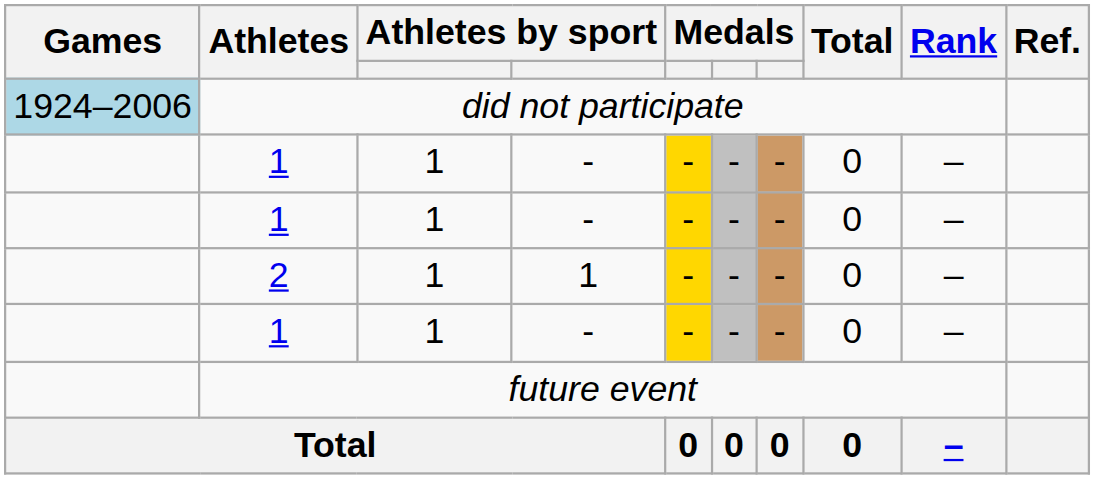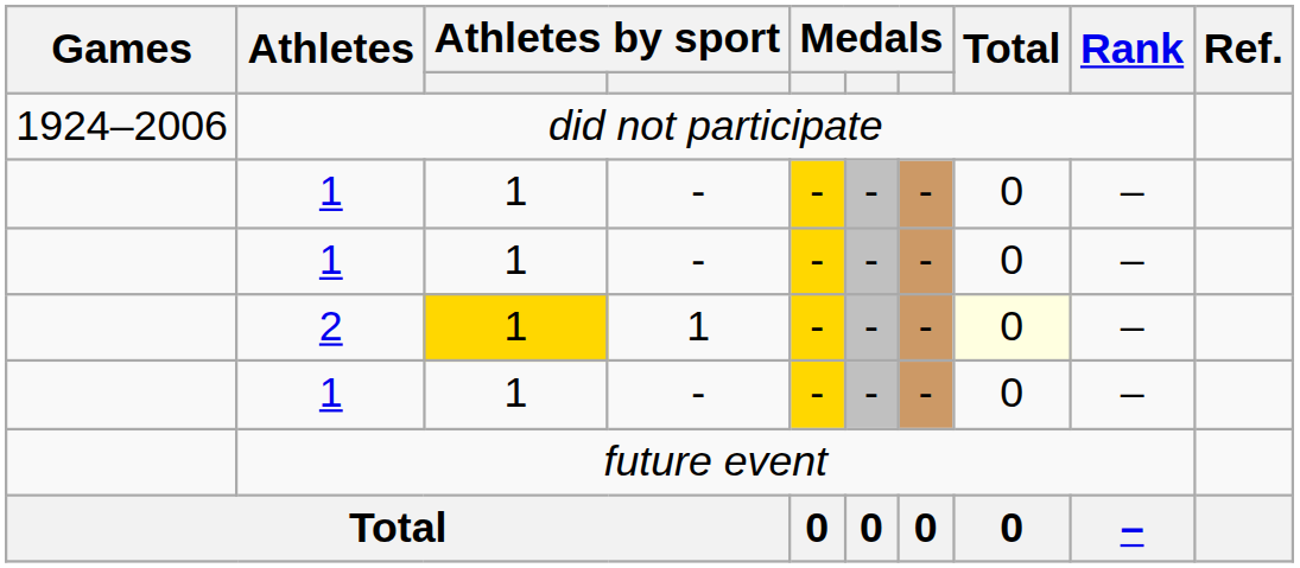 <table class=wikitable>
 <tr>
 <th rowspan=2>Games</th>
 <th rowspan=2>Athletes</th>
 <th colspan=2>Athletes by sport</th>
 <th colspan=3>Medals</th>
 <th rowspan=2>Total</th>
 <th rowspan=2><a href='#'>Rank</a></th>
 <th rowspan="2">Ref.</th>
 </tr>
 <tr>
 <th></th>
 <th></th>
 <th></th>
 <th></th>
 <th></th>
 </tr>
 <tr align=center>
-<td align=left style="background: lightblue;">1924–2006</td>
+<td align=left>1924–2006</td>
 <td colspan=8><em>did not participate</em></td>
 <td></td>
 </tr>
 <tr align=center>
 <td align=left></td>
 <td><a href='#'>1</a></td>
 <td>1</td>
 <td>-</td>
 <td style="background: gold;">-</td>
 <td style="background: silver;">-</td>
 <td style="background:#c96;">-</td>
 <td>0</td>
 <td>–</td>
 <td></td>
 </tr>
 <tr align=center>
 <td align=left></td>
 <td><a href='#'>1</a></td>
 <td>1</td>
 <td>-</td>
 <td style="background: gold;">-</td>
 <td style="background: silver;">-</td>
 <td style="background:#c96;">-</td>
 <td>0</td>
 <td>–</td>
 <td></td>
 </tr>
 <tr align=center>
 <td align=left></td>
 <td><a href='#'>2</a></td>
-<td>1</td>
+<td style="background: gold;">1</td>
 <td>1</td>
 <td style="background: gold;">-</td>
 <td style="background: silver;">-</td>
 <td style="background:#c96;">-</td>
-<td>0</td>
+<td style="background: lightyellow;">0</td>
 <td>–</td>
 <td></td>
 </tr>
 <tr align=center>
 <td align=left></td>
 <td><a href='#'>1</a></td>
 <td>1</td>
 <td>-</td>
 <td style="background: gold;">-</td>
 <td style="background: silver;">-</td>
 <td style="background:#c96;">-</td>
 <td>0</td>
 <td>–</td>
 <td></td>
 </tr>
 <tr align=center>
 <td align=left></td>
 <td colspan=8><em>future event</em></td>
 <td></td>
 </tr>
 <tr>
 <th colspan=4>Total</th>
 <th>0</th>
 <th>0</th>
 <th>0</th>
 <th>0</th>
 <th><a href='#'>–</a></th>
 <th></th>
 </tr>
 </table>
